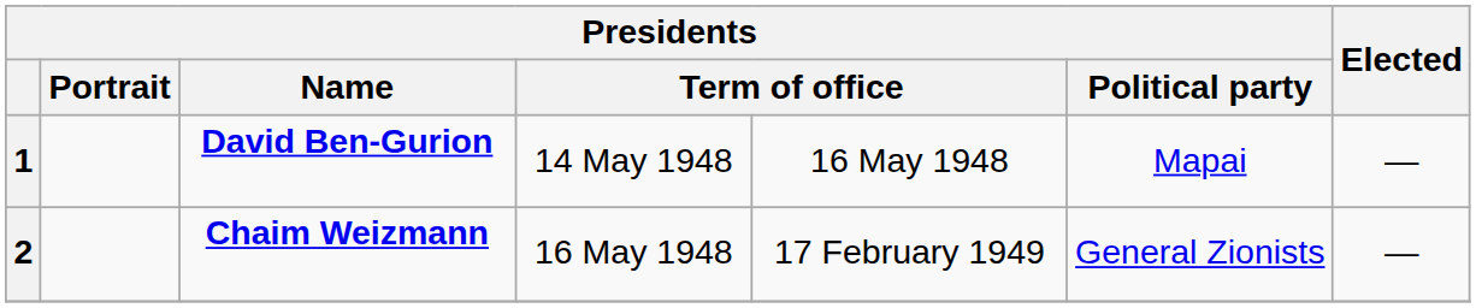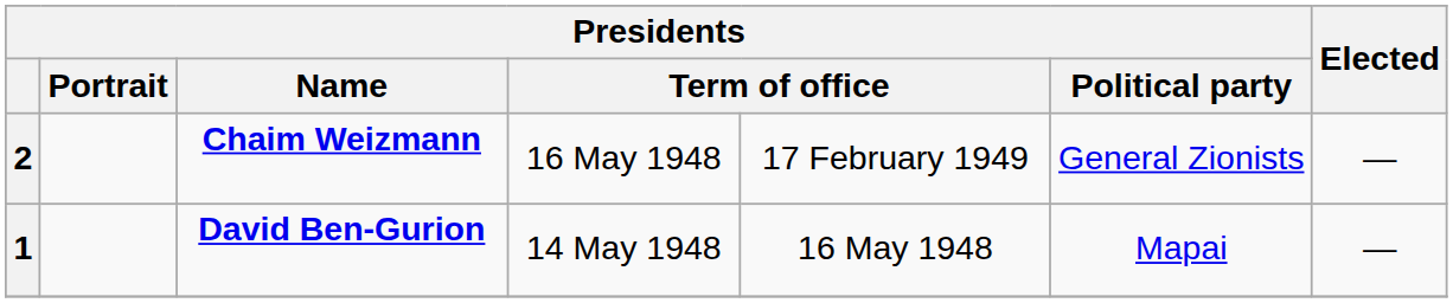 <table class="wikitable" style="text-align:center">
 <tr>
 <th colspan="6">Presidents</th>
 <th rowspan="2">Elected<br></th>
 </tr>
 <tr>
 <th></th>
 <th>Portrait</th>
 <th width=150>Name<br></th>
 <th colspan="2" width=250>Term of office</th>
 <th>Political party<br></th>
 </tr>
 <tr>
+<th style="background:">2</th>
+<td></td>
+<td><strong><a href='#'>Chaim Weizmann</a></strong><br><br></td>
+<td>16 May 1948</td>
+<td>17 February 1949</td>
+<td><a href='#'>General Zionists</a></td>
+<td>—</td>
+</tr>
+<tr>
 <th style="background:">1</th>
 <td></td>
 <td><strong><a href='#'>David Ben-Gurion</a></strong><br><br></td>
 <td>14 May 1948</td>
 <td>16 May 1948</td>
 <td><a href='#'>Mapai</a></td>
 <td>—</td>
 </tr>
 <tr>
-<th style="background:">2</th>
-<td></td>
-<td><strong><a href='#'>Chaim Weizmann</a></strong><br><br></td>
-<td>16 May 1948</td>
-<td>17 February 1949</td>
-<td><a href='#'>General Zionists</a></td>
-<td>—</td>
-</tr>
-<tr>
 </tr>
 </table>
